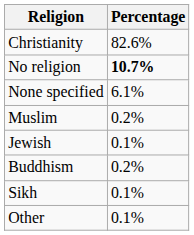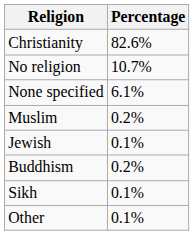 <table class="wikitable">
 <tr>
 <th>Religion</th>
 <th>Percentage</th>
 </tr>
 <tr>
 <td>Christianity</td>
 <td>82.6%</td>
 </tr>
 <tr>
 <td>No religion</td>
-<td><strong>10.7%</strong></td>
+<td>10.7%</td>
 </tr>
 <tr>
 <td>None specified</td>
 <td>6.1%</td>
 </tr>
 <tr>
 <td>Muslim</td>
 <td>0.2%</td>
 </tr>
 <tr>
 <td>Jewish</td>
 <td>0.1%</td>
 </tr>
 <tr>
 <td>Buddhism</td>
 <td>0.2%</td>
 </tr>
 <tr>
 <td>Sikh</td>
 <td>0.1%</td>
 </tr>
 <tr>
 <td>Other</td>
 <td>0.1%</td>
 </tr>
 </table>
